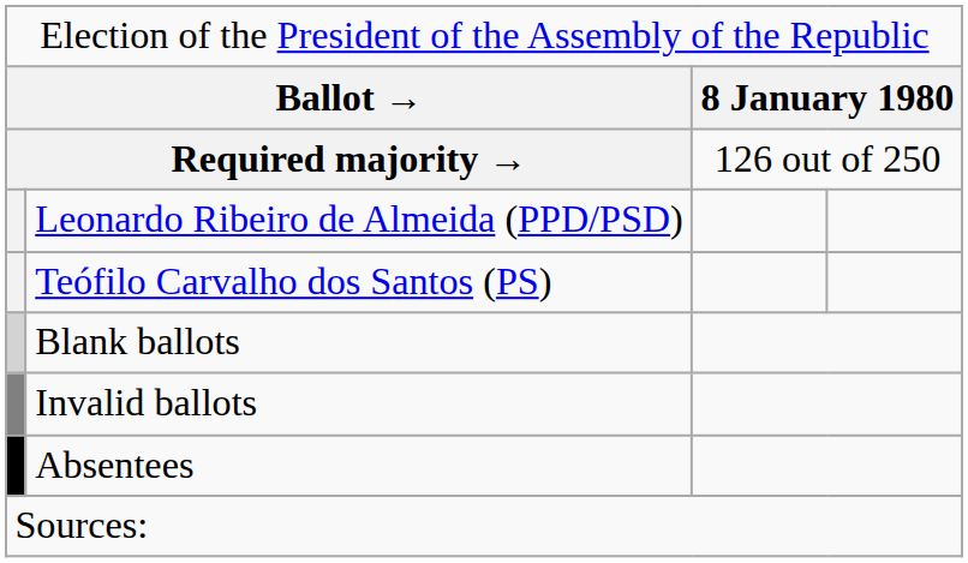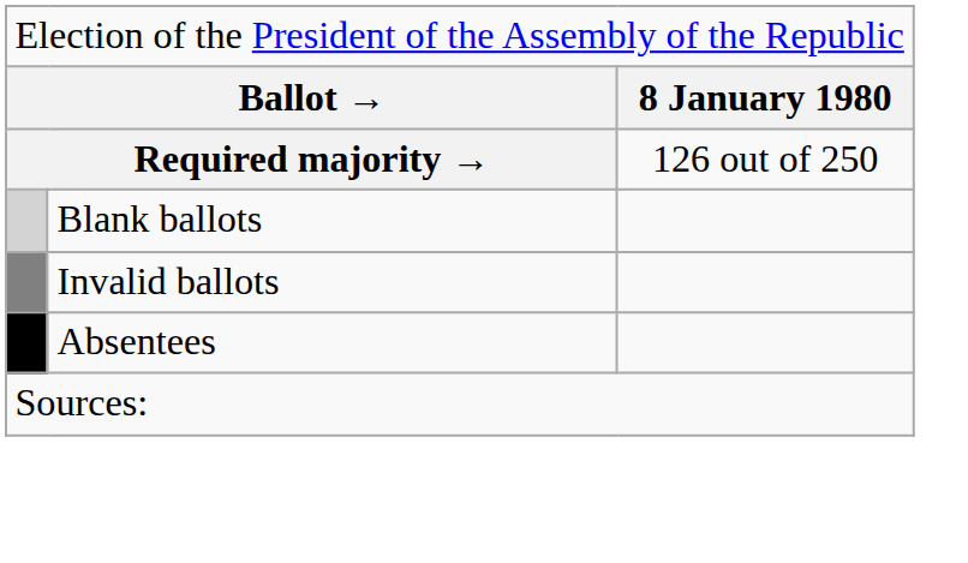 <table class="wikitable" style="text-align:center;">
 <tr>
 <td colspan="4" align="center">Election of the <a href='#'>President of the Assembly of the Republic</a></td>
 </tr>
 <tr>
 <th colspan="2" width="225px">Ballot →</th>
 <th colspan="2">8 January 1980</th>
 </tr>
 <tr>
 <th colspan="2">Required majority →</th>
 <td colspan="2">126 out of 250</td>
-</tr>
-<tr>
-<th width="1px" style="background:"></th>
-<td align="left"><a href='#'>Leonardo Ribeiro de Almeida</a> (<a href='#'>PPD/PSD</a>)</td>
-<td></td>
-<td></td>
-</tr>
-<tr>
-<th width="1px" style="background:"></th>
-<td align="left"><a href='#'>Teófilo Carvalho dos Santos</a> (<a href='#'>PS</a>)</td>
-<td></td>
-<td></td>
 </tr>
 <tr>
 <th style="background:lightgray;"></th>
 <td align="left">Blank ballots</td>
 <td colspan="2"></td>
 </tr>
 <tr>
 <th style="background:gray;"></th>
 <td align="left">Invalid ballots</td>
 <td colspan="2"></td>
 </tr>
 <tr>
 <th style="background:black;"></th>
 <td align="left">Absentees</td>
 <td colspan="2"></td>
 </tr>
 <tr>
 <td align="left" colspan="4">Sources: </td>
 </tr>
 </table>
